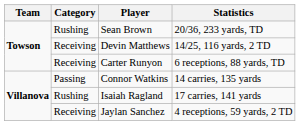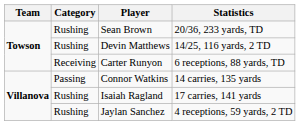 <table class="wikitable" style="float: right;">
 <tr>
 <th>Team</th>
 <th>Category</th>
 <th>Player</th>
 <th>Statistics</th>
 </tr>
 <tr>
 <td rowspan=3><strong>Towson</strong></td>
 <td>Rushing</td>
 <td>Sean Brown</td>
 <td>20/36, 233 yards, TD</td>
 </tr>
 <tr>
-<td>Receiving</td>
+<td>Rushing</td>
 <td>Devin Matthews</td>
 <td>14/25, 116 yards, 2 TD</td>
 </tr>
 <tr>
 <td>Receiving</td>
 <td>Carter Runyon</td>
 <td>6 receptions, 88 yards, TD</td>
 </tr>
 <tr>
 <td rowspan=3><strong>Villanova</strong></td>
 <td>Passing</td>
 <td>Connor Watkins</td>
 <td>14 carries, 135 yards</td>
 </tr>
 <tr>
 <td>Rushing</td>
 <td>Isaiah Ragland</td>
 <td>17 carries, 141 yards</td>
 </tr>
 <tr>
-<td>Receiving</td>
+<td>Rushing</td>
 <td>Jaylan Sanchez</td>
 <td>4 receptions, 59 yards, 2 TD</td>
 </tr>
 </table>
